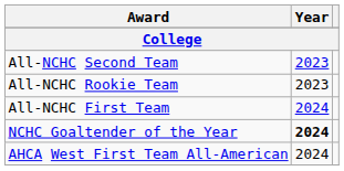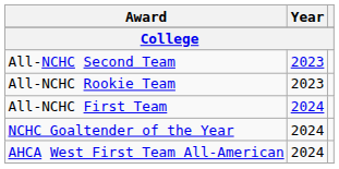 <table class="wikitable">
 <tr>
 <th>Award</th>
 <th>Year</th>
 <th></th>
 </tr>
 <tr ALIGN="center" bgcolor="#e0e0e0">
 </tr>
 <tr ALIGN="center" bgcolor="#e0e0e0">
 <th colspan="3"><a href='#'>College</a></th>
 </tr>
 <tr>
 <td>All-<a href='#'>NCHC</a> <a href='#'>Second Team</a></td>
 <td><a href='#'>2023</a></td>
 <td></td>
 </tr>
 <tr>
 <td>All-NCHC <a href='#'>Rookie Team</a></td>
 <td>2023</td>
 <td></td>
 </tr>
 <tr>
 <td>All-NCHC <a href='#'>First Team</a></td>
 <td><a href='#'>2024</a></td>
 <td></td>
 </tr>
 <tr>
 <td><a href='#'>NCHC Goaltender of the Year</a></td>
-<td><strong>2024</strong></td>
+<td>2024</td>
 <td></td>
 </tr>
 <tr>
 <td><a href='#'>AHCA</a> <a href='#'>West First Team All-American</a></td>
 <td>2024</td>
 <td></td>
 </tr>
 <tr>
 </tr>
 </table>
